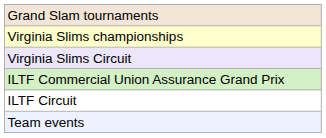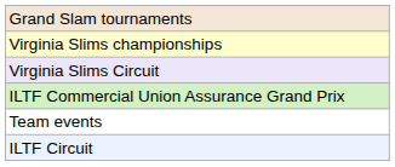 <table class=wikitable  style=font-size:95%;width:18%>
 <tr style="background:#F3E6D7;">
 <td>Grand Slam tournaments</td>
 </tr>
 <tr style="background:#ffc;">
 <td>Virginia Slims championships</td>
 </tr>
 <tr style="background:#ebe6fa;">
 <td>Virginia Slims Circuit</td>
 </tr>
 <tr style="background:#D4F1C5;">
 <td>ILTF Commercial Union Assurance Grand Prix</td>
 </tr>
 <tr style="background:#fff;">
+<td>Team events</td>
+</tr>
+<tr style="background:#ECF2FF;">
 <td>ILTF Circuit</td>
 </tr>
-<tr style="background:#ECF2FF;">
-<td>Team events</td>
-</tr>
 </table>
